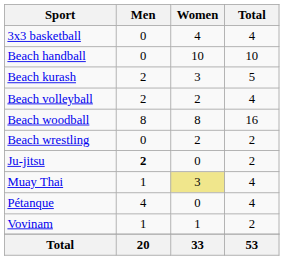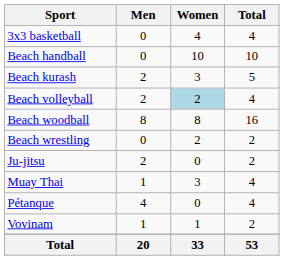 <table class="wikitable sortable" style="font-size:90%; text-align:center;">
 <tr>
 <th width="120">Sport</th>
 <th width="55">Men</th>
 <th width="55">Women</th>
 <th width="55">Total</th>
 </tr>
 <tr>
 <td align="left"><a href='#'>3x3 basketball</a></td>
 <td>0</td>
 <td>4</td>
 <td>4</td>
 </tr>
 <tr>
 <td align="left"><a href='#'>Beach handball</a></td>
 <td>0</td>
 <td>10</td>
 <td>10</td>
 </tr>
 <tr>
 <td align="left"><a href='#'>Beach kurash</a></td>
 <td>2</td>
 <td>3</td>
 <td>5</td>
 </tr>
 <tr>
 <td align="left"><a href='#'>Beach volleyball</a></td>
 <td>2</td>
-<td>2</td>
+<td style="background: lightblue;">2</td>
 <td>4</td>
 </tr>
 <tr>
 <td align="left"><a href='#'>Beach woodball</a></td>
 <td>8</td>
 <td>8</td>
 <td>16</td>
 </tr>
 <tr>
 <td align="left"><a href='#'>Beach wrestling</a></td>
 <td>0</td>
 <td>2</td>
 <td>2</td>
 </tr>
 <tr>
 <td align="left"><a href='#'>Ju-jitsu</a></td>
-<td><strong>2</strong></td>
+<td>2</td>
 <td>0</td>
 <td>2</td>
 </tr>
 <tr>
 <td align="left"><a href='#'>Muay Thai</a></td>
 <td>1</td>
-<td style="background: khaki;">3</td>
+<td>3</td>
 <td>4</td>
 </tr>
 <tr>
 <td align="left"><a href='#'>Pétanque</a></td>
 <td>4</td>
 <td>0</td>
 <td>4</td>
 </tr>
 <tr>
 <td align="left"><a href='#'>Vovinam</a></td>
 <td>1</td>
 <td>1</td>
 <td>2</td>
 </tr>
 <tr>
 </tr>
 <tr class="sortbottom">
 <th>Total</th>
 <th>20</th>
 <th>33</th>
 <th>53</th>
 </tr>
 </table>
